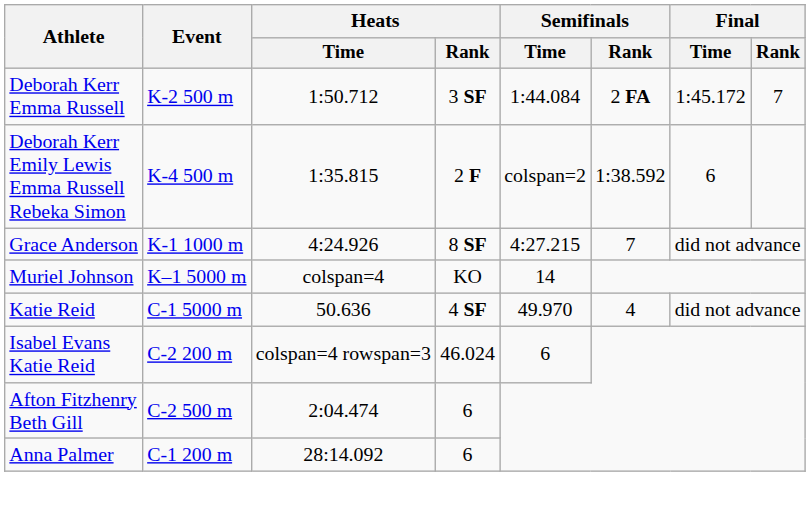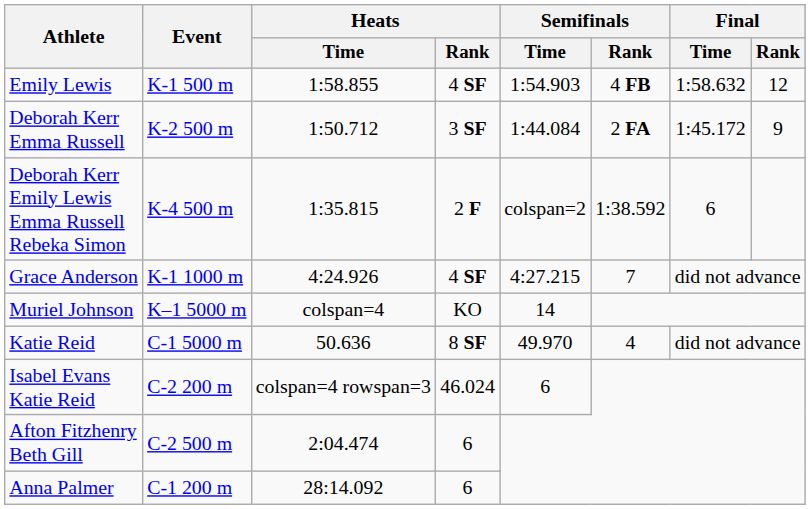 <table class=wikitable style="font-size:90%">
 <tr>
 <th rowspan="2">Athlete</th>
 <th rowspan="2">Event</th>
 <th colspan=2>Heats</th>
 <th colspan=2>Semifinals</th>
 <th colspan=2>Final</th>
 </tr>
 <tr style="font-size:95%">
 <th>Time</th>
 <th>Rank</th>
 <th>Time</th>
 <th>Rank</th>
 <th>Time</th>
 <th>Rank</th>
 </tr>
 <tr align=center>
+<td align=left><a href='#'>Emily Lewis</a></td>
+<td align=left><a href='#'>K-1 500 m</a></td>
+<td>1:58.855</td>
+<td>4 <strong>SF</strong></td>
+<td>1:54.903</td>
+<td>4 <strong>FB</strong></td>
+<td>1:58.632</td>
+<td>12</td>
+</tr>
+<tr align=center>
 <td align=left><a href='#'>Deborah Kerr</a><br><a href='#'>Emma Russell</a></td>
 <td align=left><a href='#'>K-2 500 m</a></td>
 <td>1:50.712</td>
 <td>3 <strong>SF</strong></td>
 <td>1:44.084</td>
 <td>2 <strong>FA</strong></td>
 <td>1:45.172</td>
-<td>7</td>
+<td>9</td>
 </tr>
 <tr align=center>
 <td align=left><a href='#'>Deborah Kerr</a><br><a href='#'>Emily Lewis</a><br><a href='#'>Emma Russell</a><br><a href='#'>Rebeka Simon</a></td>
 <td align=left><a href='#'>K-4 500 m</a></td>
 <td>1:35.815</td>
 <td>2 <strong>F</strong></td>
 <td>colspan=2 </td>
 <td>1:38.592</td>
 <td>6</td>
 </tr>
 <tr align=center>
 <td align=left><a href='#'>Grace Anderson</a></td>
 <td align=left><a href='#'>K-1 1000 m</a></td>
 <td>4:24.926</td>
-<td>8 <strong>SF</strong></td>
+<td>4 <strong>SF</strong></td>
 <td>4:27.215</td>
 <td>7</td>
 <td colspan=2>did not advance</td>
 </tr>
 <tr align=center>
 <td align=left><a href='#'>Muriel Johnson</a></td>
 <td align=left><a href='#'>K–1 5000 m</a></td>
 <td>colspan=4 </td>
 <td>KO</td>
 <td>14</td>
 </tr>
 <tr align=center>
 <td align=left><a href='#'>Katie Reid</a></td>
 <td align=left><a href='#'>C-1 5000 m</a></td>
 <td>50.636</td>
-<td>4 <strong>SF</strong></td>
+<td>8 <strong>SF</strong></td>
 <td>49.970</td>
 <td>4</td>
 <td colspan=2>did not advance</td>
 </tr>
 <tr align=center>
 <td align=left><a href='#'>Isabel Evans</a><br><a href='#'>Katie Reid</a></td>
 <td align=left><a href='#'>C-2 200 m</a></td>
 <td>colspan=4 rowspan=3 </td>
 <td>46.024</td>
 <td>6</td>
 </tr>
 <tr align=center>
 <td align=left><a href='#'>Afton Fitzhenry</a><br><a href='#'>Beth Gill</a></td>
 <td align=left><a href='#'>C-2 500 m</a></td>
 <td>2:04.474</td>
 <td>6</td>
 </tr>
 <tr align=center>
 <td align=left><a href='#'>Anna Palmer</a></td>
 <td align=left><a href='#'>C-1 200 m</a></td>
 <td>28:14.092</td>
 <td>6</td>
 </tr>
 </table>
